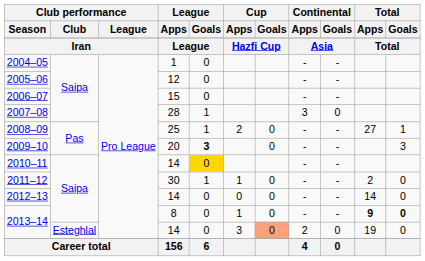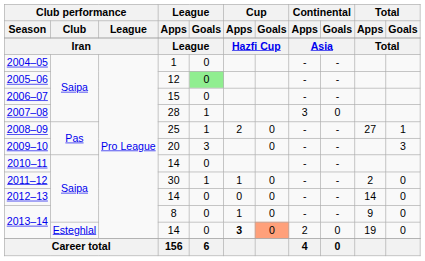 <table class="wikitable" style="text-align:center">
 <tr>
 <th colspan=3>Club performance</th>
 <th colspan=2>League</th>
 <th colspan=2>Cup</th>
 <th colspan=2>Continental</th>
 <th colspan=2>Total</th>
 </tr>
 <tr>
 <th>Season</th>
 <th>Club</th>
 <th>League</th>
 <th>Apps</th>
 <th>Goals</th>
 <th>Apps</th>
 <th>Goals</th>
 <th>Apps</th>
 <th>Goals</th>
 <th>Apps</th>
 <th>Goals</th>
 </tr>
 <tr>
 </tr>
 <tr>
 <th colspan=3>Iran</th>
 <th colspan=2>League</th>
 <th colspan=2><a href='#'>Hazfi Cup</a></th>
 <th colspan=2><a href='#'>Asia</a></th>
 <th colspan=2>Total</th>
 </tr>
 <tr>
 <td><a href='#'>2004–05</a></td>
 <td rowspan="4"><a href='#'>Saipa</a></td>
 <td rowspan="11"><a href='#'>Pro League</a></td>
 <td>1</td>
 <td>0</td>
 <td></td>
 <td></td>
 <td>-</td>
 <td>-</td>
 <td></td>
 <td></td>
 </tr>
 <tr>
 <td><a href='#'>2005–06</a></td>
 <td>12</td>
-<td>0</td>
+<td style="background: lightgreen;">0</td>
 <td></td>
 <td></td>
 <td>-</td>
 <td>-</td>
 <td></td>
 <td></td>
 </tr>
 <tr>
 <td><a href='#'>2006–07</a></td>
 <td>15</td>
 <td>0</td>
 <td></td>
 <td></td>
 <td>-</td>
 <td>-</td>
 <td></td>
 <td></td>
 </tr>
 <tr>
 <td><a href='#'>2007–08</a></td>
 <td>28</td>
 <td>1</td>
 <td></td>
 <td></td>
 <td>3</td>
 <td>0</td>
 <td></td>
 <td></td>
 </tr>
 <tr>
 <td><a href='#'>2008–09</a></td>
 <td rowspan="2"><a href='#'>Pas</a></td>
 <td>25</td>
 <td>1</td>
 <td>2</td>
 <td>0</td>
 <td>-</td>
 <td>-</td>
 <td>27</td>
 <td>1</td>
 </tr>
 <tr>
 <td><a href='#'>2009–10</a></td>
 <td>20</td>
-<td><strong>3</strong></td>
+<td>3</td>
 <td></td>
 <td>0</td>
 <td>-</td>
 <td>-</td>
 <td></td>
 <td>3</td>
 </tr>
 <tr>
 <td><a href='#'>2010–11</a></td>
 <td rowspan="4"><a href='#'>Saipa</a></td>
 <td>14</td>
-<td style="background: gold;">0</td>
+<td>0</td>
 <td></td>
 <td></td>
 <td>-</td>
 <td>-</td>
 <td></td>
 <td></td>
 </tr>
 <tr>
 <td><a href='#'>2011–12</a></td>
 <td>30</td>
 <td>1</td>
 <td>1</td>
 <td>0</td>
 <td>-</td>
 <td>-</td>
 <td>2</td>
 <td>0</td>
 </tr>
 <tr>
 <td><a href='#'>2012–13</a></td>
 <td>14</td>
 <td>0</td>
 <td>0</td>
 <td>0</td>
 <td>-</td>
 <td>-</td>
 <td>14</td>
 <td>0</td>
 </tr>
 <tr>
 <td rowspan="2"><a href='#'>2013–14</a></td>
 <td>8</td>
 <td>0</td>
 <td>1</td>
 <td>0</td>
 <td>-</td>
 <td>-</td>
-<td><strong>9</strong></td>
-<td><strong>0</strong></td>
+<td>9</td>
+<td>0</td>
 </tr>
 <tr>
 <td rowspan="1"><a href='#'>Esteghlal</a></td>
 <td>14</td>
 <td>0</td>
-<td>3</td>
+<td><strong>3</strong></td>
 <td style="background: lightsalmon;">0</td>
 <td>2</td>
 <td>0</td>
 <td>19</td>
 <td>0</td>
 </tr>
 <tr>
 </tr>
 <tr>
 <th colspan=3>Career total</th>
 <th>156</th>
 <th>6</th>
 <th></th>
 <th></th>
 <th>4</th>
 <th>0</th>
 <th></th>
 <th></th>
 </tr>
 </table>
